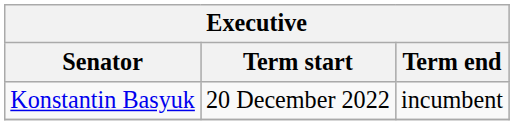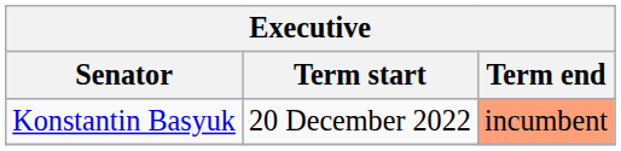 <table class="wikitable sortable">
 <tr>
 <th colspan=3>Executive</th>
 </tr>
 <tr>
 <th>Senator</th>
 <th>Term start</th>
 <th>Term end</th>
 </tr>
 <tr>
 <td><a href='#'>Konstantin Basyuk</a></td>
 <td>20 December 2022</td>
-<td>incumbent</td>
+<td style="background: lightsalmon;">incumbent</td>
 </tr>
 <tr>
 </tr>
 </table>
